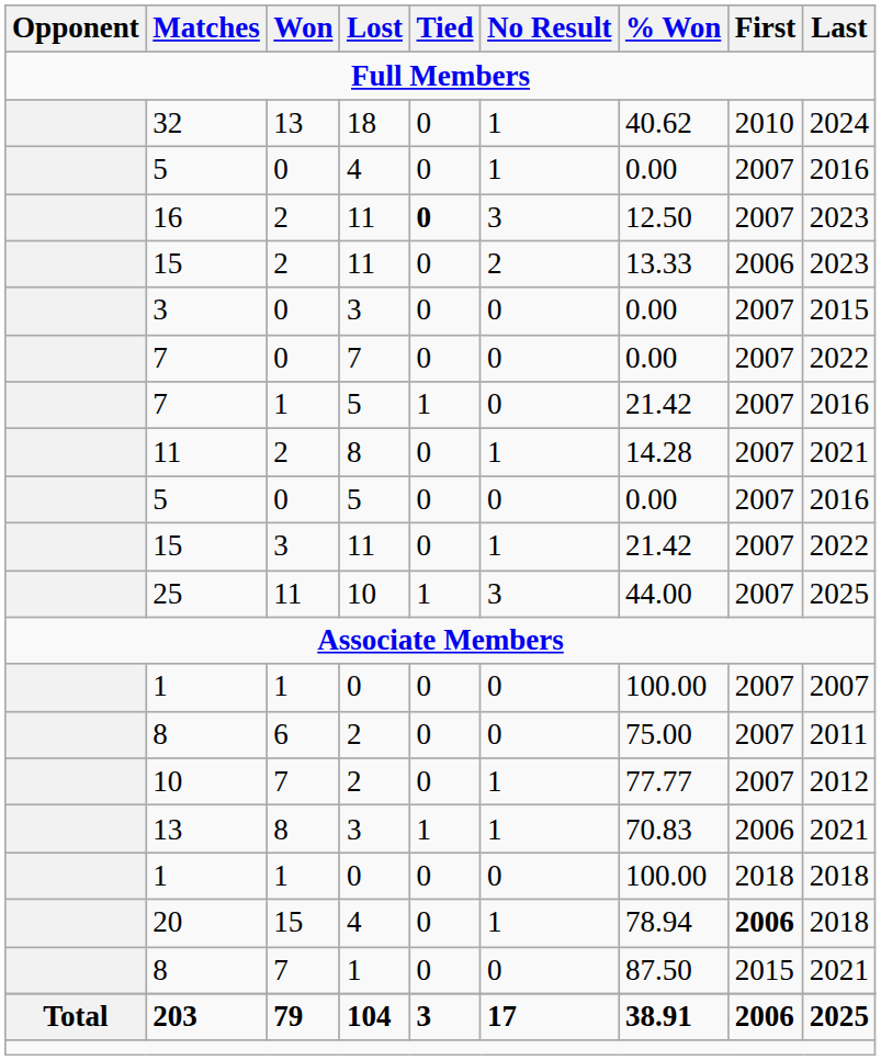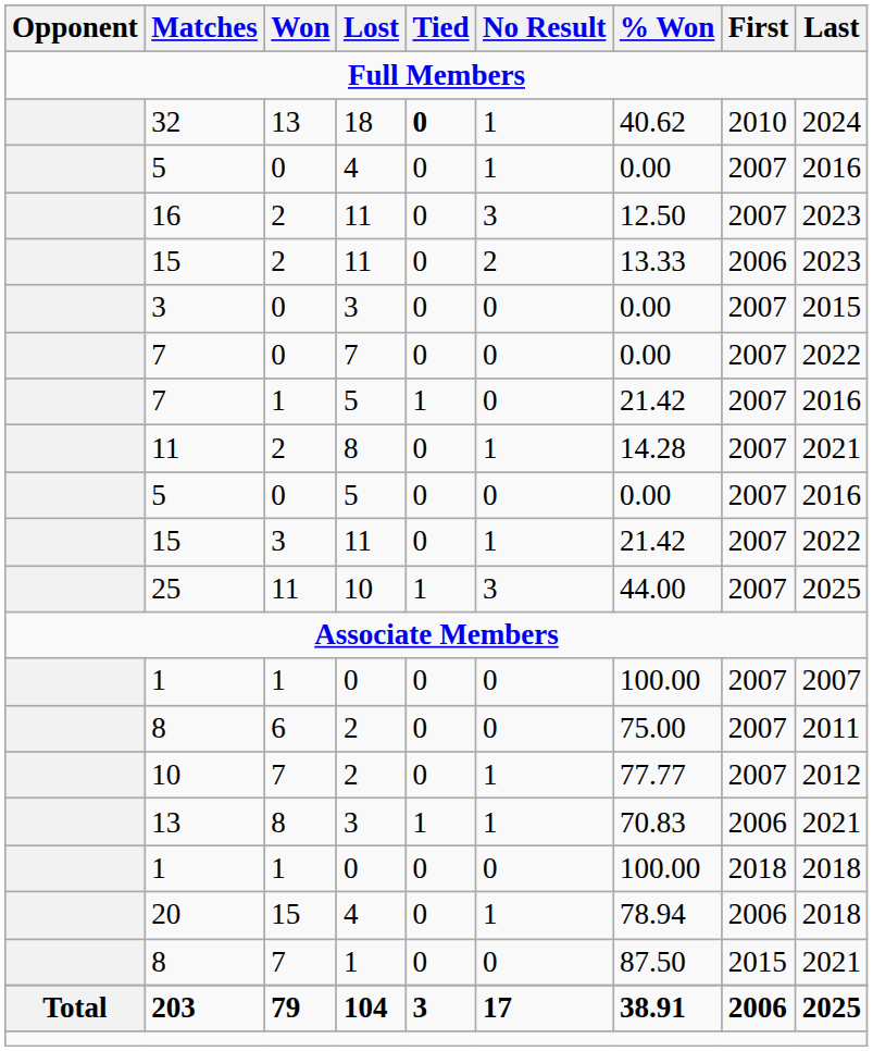 <table class="wikitable plainrowheaders sortable">
 <tr>
 <th scope="col">Opponent</th>
 <th scope="col"><a href='#'>Matches</a></th>
 <th scope="col"><a href='#'>Won</a></th>
 <th scope="col"><a href='#'>Lost</a></th>
 <th scope="col"><a href='#'>Tied</a></th>
 <th scope="col"><a href='#'>No Result</a></th>
 <th scope="col"><a href='#'>% Won</a></th>
 <th scope="col">First</th>
 <th scope="col">Last</th>
 </tr>
 <tr>
 <td style="text-align: center;" colspan="9"><strong><a href='#'>Full Members</a></strong></td>
 </tr>
 <tr>
 <th scope="row"></th>
 <td>32</td>
 <td>13</td>
 <td>18</td>
-<td>0</td>
+<td><strong>0</strong></td>
 <td>1</td>
 <td>40.62</td>
 <td>2010</td>
 <td>2024</td>
 </tr>
 <tr>
 <th scope="row"></th>
 <td>5</td>
 <td>0</td>
 <td>4</td>
 <td>0</td>
 <td>1</td>
 <td>0.00</td>
 <td>2007</td>
 <td>2016</td>
 </tr>
 <tr>
 <th scope="row"></th>
 <td>16</td>
 <td>2</td>
 <td>11</td>
-<td><strong>0</strong></td>
+<td>0</td>
 <td>3</td>
 <td>12.50</td>
 <td>2007</td>
 <td>2023</td>
 </tr>
 <tr>
 <th scope="row"></th>
 <td>15</td>
 <td>2</td>
 <td>11</td>
 <td>0</td>
 <td>2</td>
 <td>13.33</td>
 <td>2006</td>
 <td>2023</td>
 </tr>
 <tr>
 <th scope="row"></th>
 <td>3</td>
 <td>0</td>
 <td>3</td>
 <td>0</td>
 <td>0</td>
 <td>0.00</td>
 <td>2007</td>
 <td>2015</td>
 </tr>
 <tr>
 <th scope="row"></th>
 <td>7</td>
 <td>0</td>
 <td>7</td>
 <td>0</td>
 <td>0</td>
 <td>0.00</td>
 <td>2007</td>
 <td>2022</td>
 </tr>
 <tr>
 <th scope="row"></th>
 <td>7</td>
 <td>1</td>
 <td>5</td>
 <td>1</td>
 <td>0</td>
 <td>21.42</td>
 <td>2007</td>
 <td>2016</td>
 </tr>
 <tr>
 <th scope="row"></th>
 <td>11</td>
 <td>2</td>
 <td>8</td>
 <td>0</td>
 <td>1</td>
 <td>14.28</td>
 <td>2007</td>
 <td>2021</td>
 </tr>
 <tr>
 <th scope="row"></th>
 <td>5</td>
 <td>0</td>
 <td>5</td>
 <td>0</td>
 <td>0</td>
 <td>0.00</td>
 <td>2007</td>
 <td>2016</td>
 </tr>
 <tr>
 <th scope="row"></th>
 <td>15</td>
 <td>3</td>
 <td>11</td>
 <td>0</td>
 <td>1</td>
 <td>21.42</td>
 <td>2007</td>
 <td>2022</td>
 </tr>
 <tr>
 <th scope="row"></th>
 <td>25</td>
 <td>11</td>
 <td>10</td>
 <td>1</td>
 <td>3</td>
 <td>44.00</td>
 <td>2007</td>
 <td>2025</td>
 </tr>
 <tr>
 <td colspan="10" style="text-align: center;"><strong><a href='#'>Associate Members</a></strong></td>
 </tr>
 <tr>
 <th scope="row"></th>
 <td>1</td>
 <td>1</td>
 <td>0</td>
 <td>0</td>
 <td>0</td>
 <td>100.00</td>
 <td>2007</td>
 <td>2007</td>
 </tr>
 <tr>
 <th scope="row"></th>
 <td>8</td>
 <td>6</td>
 <td>2</td>
 <td>0</td>
 <td>0</td>
 <td>75.00</td>
 <td>2007</td>
 <td>2011</td>
 </tr>
 <tr>
 <th scope="row"></th>
 <td>10</td>
 <td>7</td>
 <td>2</td>
 <td>0</td>
 <td>1</td>
 <td>77.77</td>
 <td>2007</td>
 <td>2012</td>
 </tr>
 <tr>
 <th scope="row"></th>
 <td>13</td>
 <td>8</td>
 <td>3</td>
 <td>1</td>
 <td>1</td>
 <td>70.83</td>
 <td>2006</td>
 <td>2021</td>
 </tr>
 <tr>
 <th scope="row"></th>
 <td>1</td>
 <td>1</td>
 <td>0</td>
 <td>0</td>
 <td>0</td>
 <td>100.00</td>
 <td>2018</td>
 <td>2018</td>
 </tr>
 <tr>
 <th scope="row"></th>
 <td>20</td>
 <td>15</td>
 <td>4</td>
 <td>0</td>
 <td>1</td>
 <td>78.94</td>
-<td><strong>2006</strong></td>
+<td>2006</td>
 <td>2018</td>
 </tr>
 <tr>
 <th scope="row"></th>
 <td>8</td>
 <td>7</td>
 <td>1</td>
 <td>0</td>
 <td>0</td>
 <td>87.50</td>
 <td>2015</td>
 <td>2021</td>
 </tr>
 <tr>
 </tr>
 <tr class="sortbottom">
 <th scope="row" style="text-align:center"><strong>Total</strong></th>
 <td><strong>203</strong></td>
 <td><strong>79</strong></td>
 <td><strong>104</strong></td>
 <td><strong>3</strong></td>
 <td><strong>17</strong></td>
 <td><strong>38.91</strong></td>
 <td><strong>2006</strong></td>
 <td><strong>2025</strong></td>
 </tr>
 <tr>
 <td colspan=10></td>
 </tr>
 </table>
